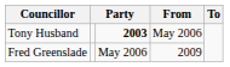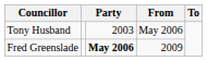 <table class=wikitable>
 <tr>
 <th>Councillor</th>
 <th colspan=2>Party</th>
 <th>From</th>
 <th>To</th>
 </tr>
 <tr>
 <td>Tony Husband</td>
 <td></td>
-<td align=right><strong>2003</strong></td>
+<td align=right>2003</td>
 <td align=right>May 2006</td>
 </tr>
 <tr>
 <td>Fred Greenslade</td>
 <td></td>
-<td align=right>May 2006</td>
+<td align=right><strong>May 2006</strong></td>
 <td align=right>2009</td>
 </tr>
 </table>
